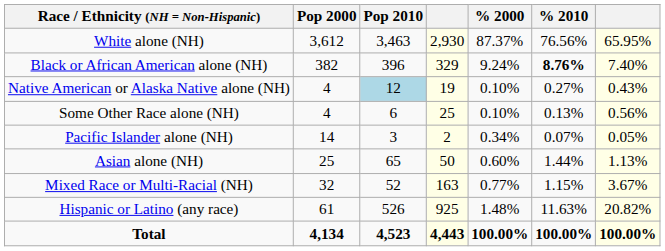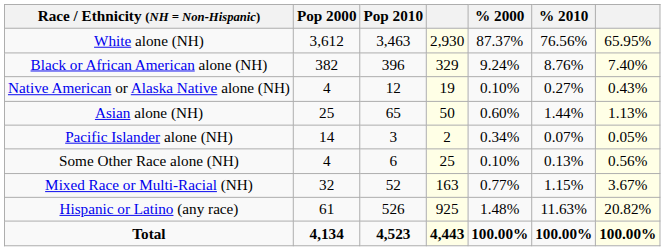 <table class="wikitable" style="text-align:center;">
 <tr>
 <th>Race / Ethnicity <small>(<em>NH = Non-Hispanic</em>)</small></th>
 <th>Pop 2000</th>
 <th>Pop 2010</th>
 <th></th>
 <th>% 2000</th>
 <th>% 2010</th>
 <th></th>
 </tr>
 <tr>
 <td><a href='#'>White</a> alone (NH)</td>
 <td>3,612</td>
 <td>3,463</td>
 <td style='background: #ffffe6;'>2,930</td>
 <td>87.37%</td>
 <td>76.56%</td>
 <td style='background: #ffffe6;'>65.95%</td>
 </tr>
 <tr>
 <td><a href='#'>Black or African American</a> alone (NH)</td>
 <td>382</td>
 <td>396</td>
 <td style='background: #ffffe6;'>329</td>
 <td>9.24%</td>
-<td><strong>8.76%</strong></td>
+<td>8.76%</td>
 <td style='background: #ffffe6;'>7.40%</td>
 </tr>
 <tr>
 <td><a href='#'>Native American</a> or <a href='#'>Alaska Native</a> alone (NH)</td>
 <td>4</td>
-<td style="background: lightblue;">12</td>
+<td>12</td>
 <td style='background: #ffffe6;'>19</td>
 <td>0.10%</td>
 <td>0.27%</td>
 <td style='background: #ffffe6;'>0.43%</td>
 </tr>
 <tr>
-<td>Some Other Race alone (NH)</td>
-<td>4</td>
-<td>6</td>
-<td style='background: #ffffe6;'>25</td>
-<td>0.10%</td>
-<td>0.13%</td>
-<td style='background: #ffffe6;'>0.56%</td>
+<td><a href='#'>Asian</a> alone (NH)</td>
+<td>25</td>
+<td>65</td>
+<td style='background: #ffffe6;'>50</td>
+<td>0.60%</td>
+<td>1.44%</td>
+<td style='background: #ffffe6;'>1.13%</td>
 </tr>
 <tr>
 <td><a href='#'>Pacific Islander</a> alone (NH)</td>
 <td>14</td>
 <td>3</td>
 <td style='background: #ffffe6;'>2</td>
 <td>0.34%</td>
 <td>0.07%</td>
 <td style='background: #ffffe6;'>0.05%</td>
 </tr>
 <tr>
-<td><a href='#'>Asian</a> alone (NH)</td>
-<td>25</td>
-<td>65</td>
-<td style='background: #ffffe6;'>50</td>
-<td>0.60%</td>
-<td>1.44%</td>
-<td style='background: #ffffe6;'>1.13%</td>
+<td>Some Other Race alone (NH)</td>
+<td>4</td>
+<td>6</td>
+<td style='background: #ffffe6;'>25</td>
+<td>0.10%</td>
+<td>0.13%</td>
+<td style='background: #ffffe6;'>0.56%</td>
 </tr>
 <tr>
 <td><a href='#'>Mixed Race or Multi-Racial</a> (NH)</td>
 <td>32</td>
 <td>52</td>
 <td style='background: #ffffe6;'>163</td>
 <td>0.77%</td>
 <td>1.15%</td>
 <td style='background: #ffffe6;'>3.67%</td>
 </tr>
 <tr>
 <td><a href='#'>Hispanic or Latino</a> (any race)</td>
 <td>61</td>
 <td>526</td>
 <td style='background: #ffffe6;'>925</td>
 <td>1.48%</td>
 <td>11.63%</td>
 <td style='background: #ffffe6;'>20.82%</td>
 </tr>
 <tr>
 <td><strong>Total</strong></td>
 <td><strong>4,134</strong></td>
 <td><strong>4,523</strong></td>
 <td style='background: #ffffe6;'><strong>4,443</strong></td>
 <td><strong>100.00%</strong></td>
 <td><strong>100.00%</strong></td>
 <td style='background: #ffffe6;'><strong>100.00%</strong></td>
 </tr>
 </table>
